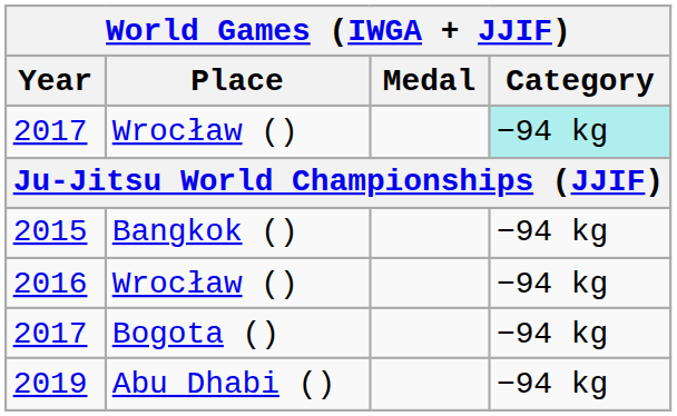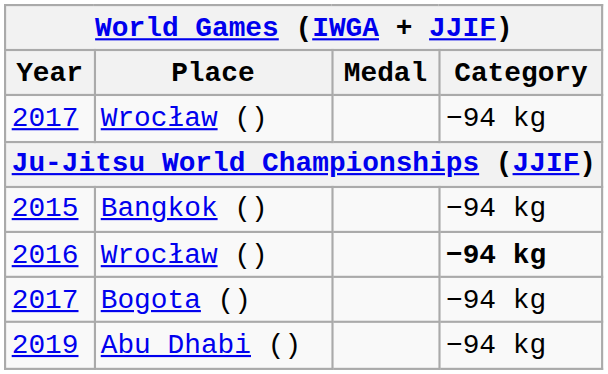 <table class="wikitable">
 <tr>
 <th colspan=5><a href='#'>World Games</a> (<a href='#'>IWGA</a> + <a href='#'>JJIF</a>)</th>
 </tr>
 <tr>
 <th>Year</th>
 <th>Place</th>
 <th>Medal</th>
 <th>Category</th>
 </tr>
 <tr>
 <td><a href='#'>2017</a></td>
 <td><a href='#'>Wrocław</a> ()</td>
 <td></td>
-<td style="background: paleturquoise;">−94 kg</td>
+<td>−94 kg</td>
 </tr>
 <tr>
 <th colspan=5><a href='#'>Ju-Jitsu World Championships</a> (<a href='#'>JJIF</a>)</th>
 </tr>
 <tr>
 <td><a href='#'>2015</a></td>
 <td><a href='#'>Bangkok</a> ()</td>
 <td></td>
 <td>−94 kg</td>
 </tr>
 <tr>
 <td><a href='#'>2016</a></td>
 <td><a href='#'>Wrocław</a> ()</td>
 <td></td>
-<td>−94 kg</td>
+<td><strong>−94 kg</strong></td>
 </tr>
 <tr>
 <td><a href='#'>2017</a></td>
 <td><a href='#'>Bogota</a> ()</td>
 <td></td>
 <td>−94 kg</td>
 </tr>
 <tr>
 <td><a href='#'>2019</a></td>
 <td><a href='#'>Abu Dhabi</a> ()</td>
 <td></td>
 <td>−94 kg</td>
 </tr>
 </table>
